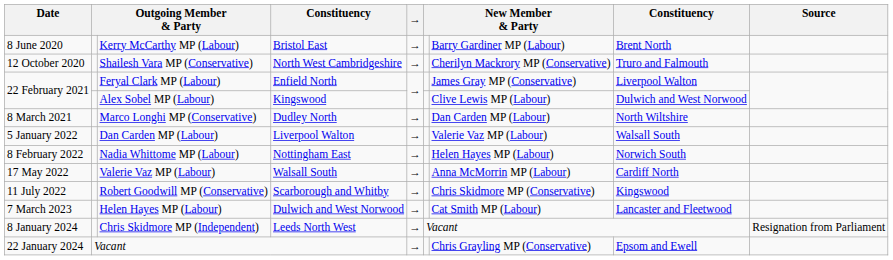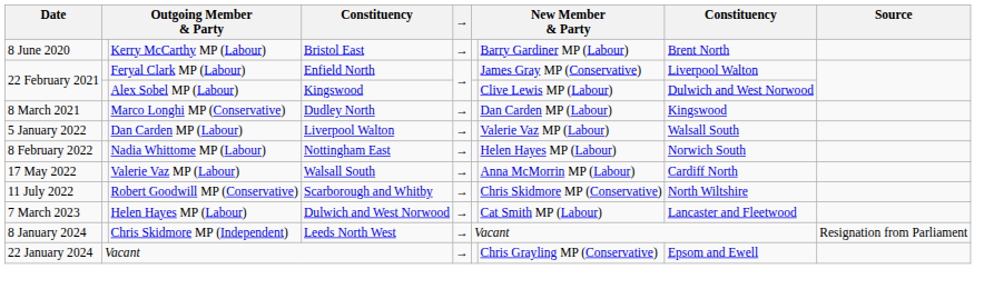 <table class="wikitable">
 <tr>
 <th valign="top">Date</th>
 <th colspan="2" valign="top">Outgoing Member<br>& Party</th>
 <th valign="top">Constituency</th>
 <th>→</th>
 <th colspan="2" valign="top">New Member<br>& Party</th>
 <th valign="top">Constituency</th>
 <th valign="top">Source</th>
 </tr>
 <tr>
 <td>8 June 2020</td>
 <td style="color:inherit;background:"></td>
 <td><a href='#'>Kerry McCarthy</a> MP (<a href='#'>Labour</a>)</td>
 <td><a href='#'>Bristol East</a></td>
 <td>→</td>
 <td style="color:inherit;background:"></td>
 <td><a href='#'>Barry Gardiner</a> MP (<a href='#'>Labour</a>)</td>
 <td><a href='#'>Brent North</a></td>
-<td></td>
-</tr>
-<tr>
-<td>12 October 2020</td>
-<td style="color:inherit;background:"></td>
-<td><a href='#'>Shailesh Vara</a> MP (<a href='#'>Conservative</a>)</td>
-<td><a href='#'>North West Cambridgeshire</a></td>
-<td>→</td>
-<td style="color:inherit;background:"></td>
-<td><a href='#'>Cherilyn Mackrory</a> MP (<a href='#'>Conservative</a>)</td>
-<td><a href='#'>Truro and Falmouth</a></td>
 <td></td>
 </tr>
 <tr>
 <td rowspan=2>22 February 2021</td>
 <td style="color:inherit;background:"></td>
 <td><a href='#'>Feryal Clark</a> MP (<a href='#'>Labour</a>)</td>
 <td><a href='#'>Enfield North</a></td>
 <td rowspan=2>→</td>
 <td style="color:inherit;background:"></td>
 <td><a href='#'>James Gray</a> MP (<a href='#'>Conservative</a>)</td>
 <td><a href='#'>Liverpool Walton</a></td>
 <td rowspan=2></td>
 </tr>
 <tr>
 <td style="color:inherit;background:"></td>
 <td><a href='#'>Alex Sobel</a> MP (<a href='#'>Labour</a>)</td>
 <td><a href='#'>Kingswood</a></td>
 <td style="color:inherit;background:"></td>
 <td><a href='#'>Clive Lewis</a> MP (<a href='#'>Labour</a>)</td>
 <td><a href='#'>Dulwich and West Norwood</a></td>
 </tr>
 <tr>
 <td>8 March 2021</td>
 <td style="color:inherit;background:"></td>
 <td><a href='#'>Marco Longhi</a> MP (<a href='#'>Conservative</a>)</td>
 <td><a href='#'>Dudley North</a></td>
 <td>→</td>
 <td style="color:inherit;background:"></td>
 <td><a href='#'>Dan Carden</a> MP (<a href='#'>Labour</a>)</td>
-<td><a href='#'>North Wiltshire</a></td>
+<td><a href='#'>Kingswood</a></td>
 <td></td>
 </tr>
 <tr>
 <td>5 January 2022</td>
 <td style="color:inherit;background:"></td>
 <td><a href='#'>Dan Carden</a> MP (<a href='#'>Labour</a>)</td>
 <td><a href='#'>Liverpool Walton</a></td>
 <td>→</td>
 <td style="color:inherit;background:"></td>
 <td><a href='#'>Valerie Vaz</a> MP (<a href='#'>Labour</a>)</td>
 <td><a href='#'>Walsall South</a></td>
 <td></td>
 </tr>
 <tr>
 <td>8 February 2022</td>
 <td style="color:inherit;background:"></td>
 <td><a href='#'>Nadia Whittome</a> MP (<a href='#'>Labour</a>)</td>
 <td><a href='#'>Nottingham East</a></td>
 <td>→</td>
 <td style="color:inherit;background:"></td>
 <td><a href='#'>Helen Hayes</a> MP (<a href='#'>Labour</a>)</td>
 <td><a href='#'>Norwich South</a></td>
 <td></td>
 </tr>
 <tr>
 <td>17 May 2022</td>
 <td style="color:inherit;background:"></td>
 <td><a href='#'>Valerie Vaz</a> MP (<a href='#'>Labour</a>)</td>
 <td><a href='#'>Walsall South</a></td>
 <td>→</td>
 <td style="color:inherit;background:"></td>
 <td><a href='#'>Anna McMorrin</a> MP (<a href='#'>Labour</a>)</td>
 <td><a href='#'>Cardiff North</a></td>
 <td></td>
 </tr>
 <tr>
 <td>11 July 2022</td>
 <td style="color:inherit;background:"></td>
 <td><a href='#'>Robert Goodwill</a> MP (<a href='#'>Conservative</a>)</td>
 <td><a href='#'>Scarborough and Whitby</a></td>
 <td>→</td>
 <td style="color:inherit;background:"></td>
 <td><a href='#'>Chris Skidmore</a> MP (<a href='#'>Conservative</a>)</td>
-<td><a href='#'>Kingswood</a></td>
+<td><a href='#'>North Wiltshire</a></td>
 <td></td>
 </tr>
 <tr>
 <td>7 March 2023</td>
 <td style="color:inherit;background:"></td>
 <td><a href='#'>Helen Hayes</a> MP (<a href='#'>Labour</a>)</td>
 <td><a href='#'>Dulwich and West Norwood</a></td>
 <td>→</td>
 <td style="color:inherit;background:"></td>
 <td><a href='#'>Cat Smith</a> MP (<a href='#'>Labour</a>)</td>
 <td><a href='#'>Lancaster and Fleetwood</a></td>
 <td></td>
 </tr>
 <tr>
 <td>8 January 2024</td>
 <td style="color:inherit;background:"></td>
 <td><a href='#'>Chris Skidmore</a> MP (<a href='#'>Independent</a>)</td>
 <td><a href='#'>Leeds North West</a></td>
 <td>→</td>
 <td colspan=3><em>Vacant</em></td>
 <td>Resignation from Parliament</td>
 </tr>
 <tr>
 <td>22 January 2024</td>
 <td colspan=3><em>Vacant</em></td>
 <td>→</td>
 <td style="color:inherit;background:"></td>
 <td><a href='#'>Chris Grayling</a> MP (<a href='#'>Conservative</a>)</td>
 <td><a href='#'>Epsom and Ewell</a></td>
 <td></td>
 </tr>
 </table>
